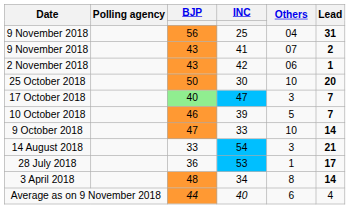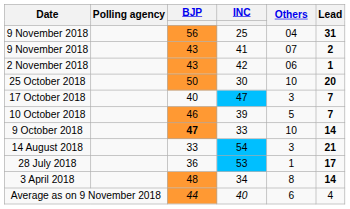 <table class="wikitable collapsible sortable" style="text-align:center">
 <tr>
 <th rowspan="2">Date</th>
 <th rowspan="2">Polling agency</th>
 <th style="width:70px;"><a href='#'>BJP</a></th>
 <th style="width:70px;"><a href='#'>INC</a></th>
 <th rowspan="2" style="width:70px;"><a href='#'>Others</a></th>
 <th rowspan="2">Lead</th>
 </tr>
 <tr>
 <th Style="background:"></th>
 <th Style="background:"></th>
 </tr>
 <tr>
 <td>9 November 2018</td>
 <td></td>
 <td style="background:#f93;">56</td>
 <td>25</td>
 <td>04</td>
 <td Style="background:"><span><strong>31</strong></span></td>
 </tr>
 <tr>
 <td>9 November 2018</td>
 <td></td>
 <td style="background:#f93;">43</td>
 <td>41</td>
 <td>07</td>
 <td Style="background:"><span><strong>2</strong></span></td>
 </tr>
 <tr>
 <td>2 November 2018</td>
 <td></td>
 <td style="background:#f93;">43</td>
 <td>42</td>
 <td>06</td>
 <td Style="background:"><span><strong>1</strong></span></td>
 </tr>
 <tr>
 <td>25 October 2018</td>
 <td></td>
 <td style="background:#f93;">50</td>
 <td>30</td>
 <td>10</td>
 <td Style="background:"><span><strong>20</strong></span></td>
 </tr>
 <tr>
 <td>17 October 2018</td>
 <td></td>
-<td style="background: lightgreen;">40</td>
+<td>40</td>
 <td Style="background:#00BFFF">47</td>
 <td>3</td>
 <td Style="background:"><span><strong>7</strong></span></td>
 </tr>
 <tr>
 <td>10 October 2018</td>
 <td></td>
 <td style="background:#f93;">46</td>
 <td>39</td>
 <td>5</td>
 <td Style="background:"><span><strong>7</strong></span></td>
 </tr>
 <tr>
 <td>9 October 2018</td>
 <td></td>
-<td style="background:#f93;">47</td>
+<td style="background:#f93;"><strong>47</strong></td>
 <td>33</td>
 <td>10</td>
 <td Style="background:"><span><strong>14</strong></span></td>
 </tr>
 <tr>
 <td>14 August 2018</td>
 <td></td>
 <td>33</td>
 <td Style="background:#00BFFF">54</td>
 <td>3</td>
 <td Style="background:"><span><strong>21</strong></span></td>
 </tr>
 <tr>
 <td>28 July 2018</td>
 <td></td>
 <td>36</td>
 <td Style="background:#00BFFF">53</td>
 <td>1</td>
 <td Style="background:"><span><strong>17</strong></span></td>
 </tr>
 <tr>
 <td>3 April 2018</td>
 <td></td>
 <td style="background:#f93;">48</td>
 <td>34</td>
 <td>8</td>
 <td Style="background:"><span><strong>14</strong></span></td>
 </tr>
 <tr>
 <td colspan="2">Average as on 9 November 2018</td>
 <td style="background:#f93;"><em>44</em></td>
 <td><em>40</em></td>
 <td>6</td>
 <td Style="background:">4<span></span></td>
 </tr>
 </table>
